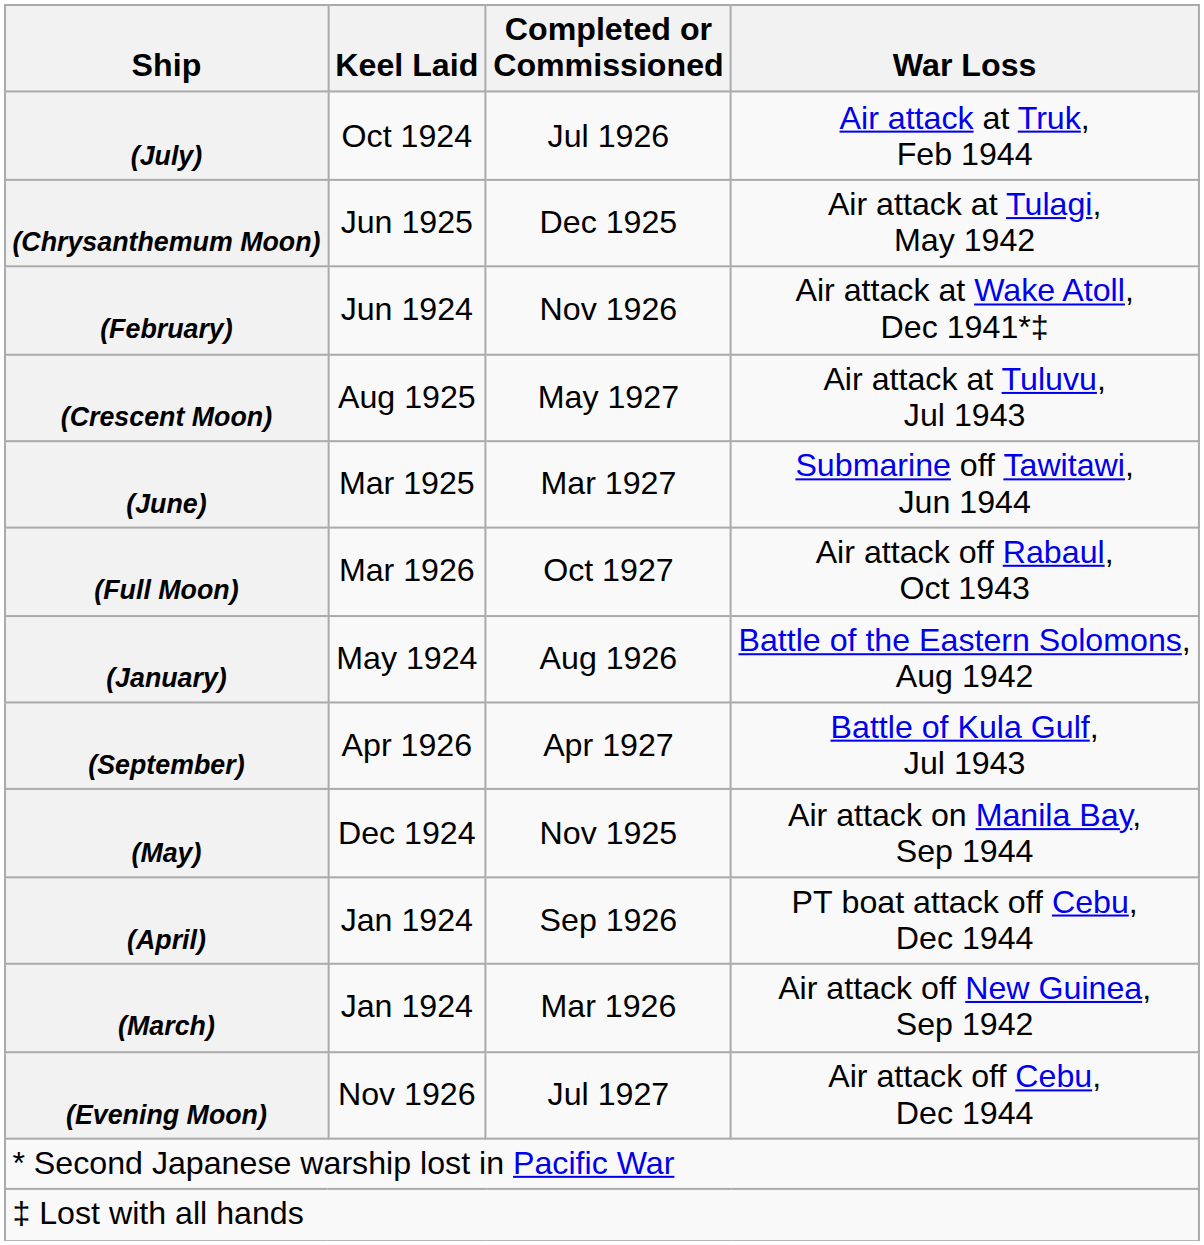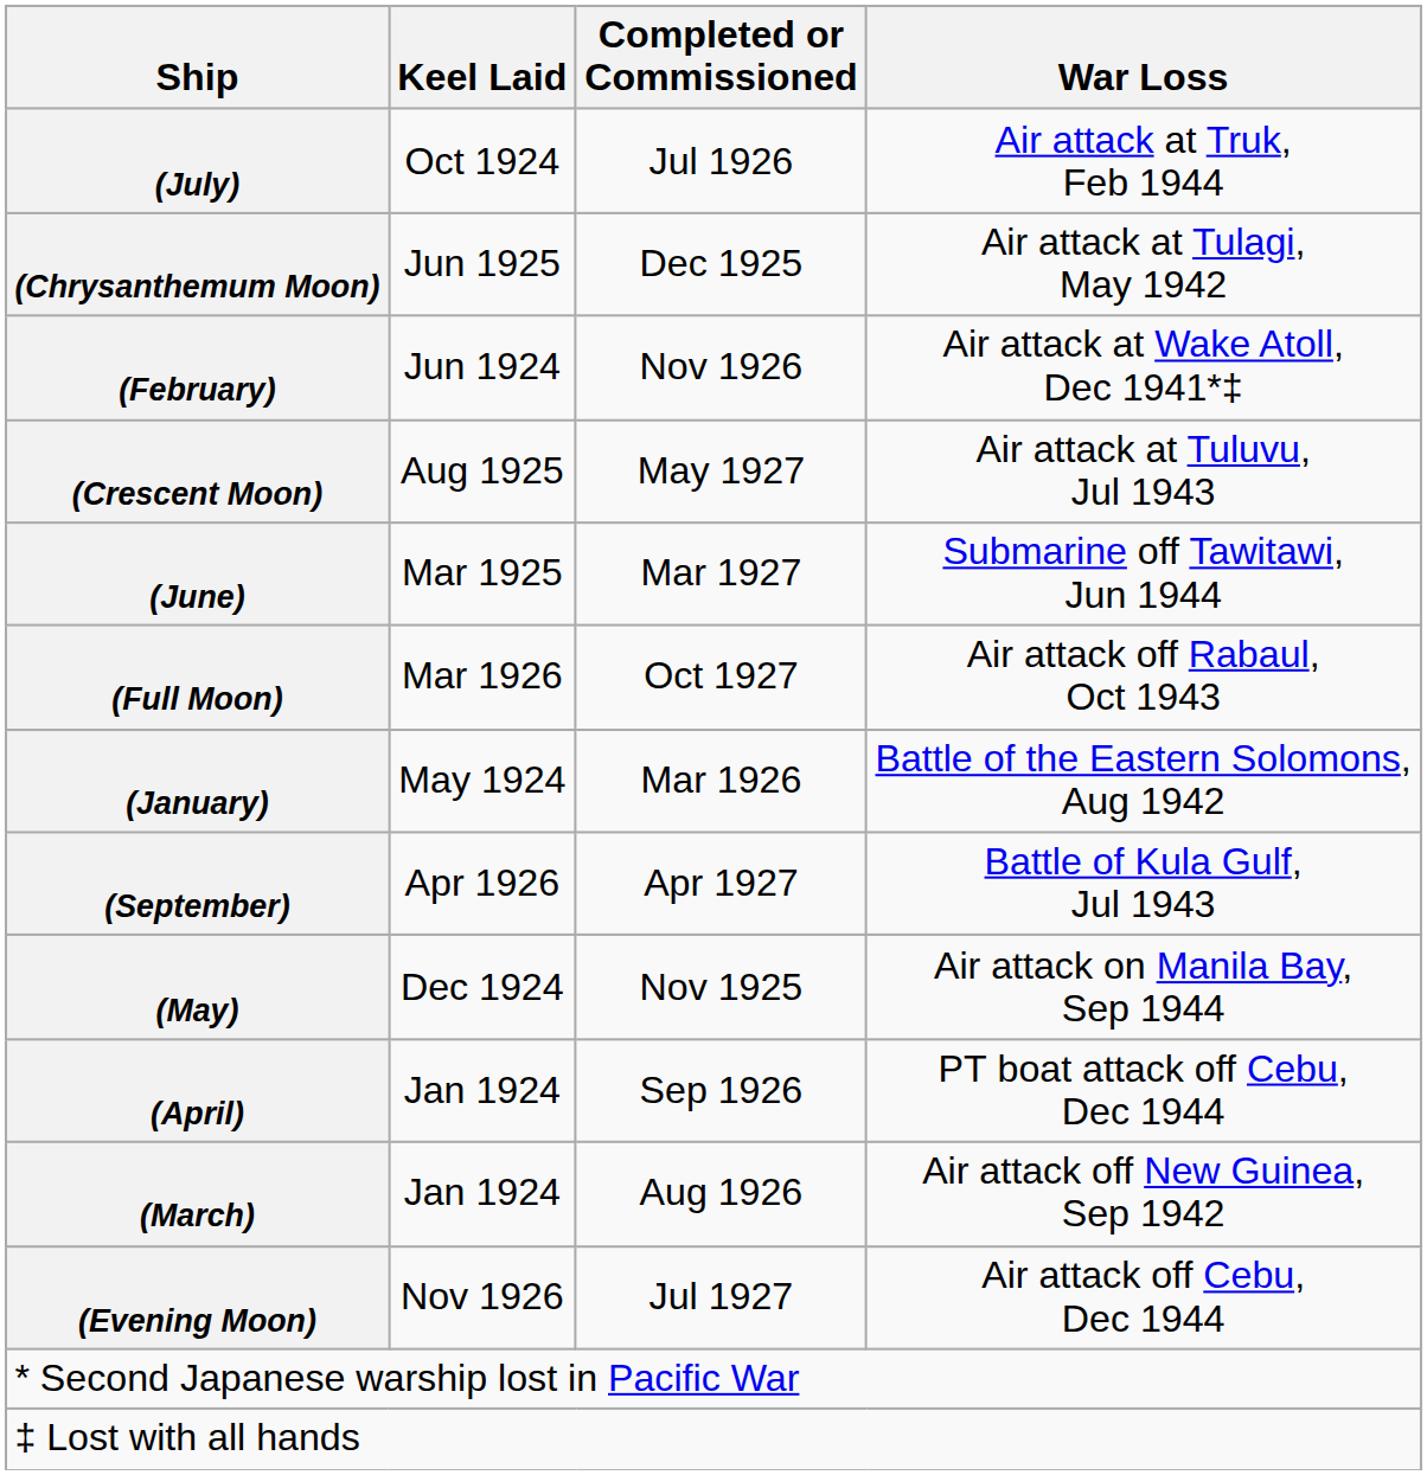 <table class="wikitable plainrowheaders" style="text-align: center">
 <tr valign="bottom">
 <th scope="col">Ship</th>
 <th scope="col">Keel Laid</th>
 <th scope="col">Completed or<br>Commissioned</th>
 <th scope="col">War Loss</th>
 </tr>
 <tr>
 <th><br><small><em>(July)</em></small></th>
 <td>Oct 1924</td>
 <td>Jul 1926</td>
 <td><a href='#'>Air attack</a> at <a href='#'>Truk</a>,<br>Feb 1944</td>
 </tr>
 <tr>
 <th><br><small><em>(Chrysanthemum Moon)</em></small></th>
 <td>Jun 1925</td>
 <td>Dec 1925</td>
 <td>Air attack at <a href='#'>Tulagi</a>,<br>May 1942</td>
 </tr>
 <tr>
 <th><br><small><em>(February)</em></small></th>
 <td>Jun 1924</td>
 <td>Nov 1926</td>
 <td>Air attack at <a href='#'>Wake Atoll</a>,<br>Dec 1941*‡</td>
 </tr>
 <tr>
 <th><br><small><em>(Crescent Moon)</em></small></th>
 <td>Aug 1925</td>
 <td>May 1927</td>
 <td>Air attack at <a href='#'>Tuluvu</a>,<br>Jul 1943</td>
 </tr>
 <tr>
 <th><br><small><em>(June)</em></small></th>
 <td>Mar 1925</td>
 <td>Mar 1927</td>
 <td><a href='#'>Submarine</a> off <a href='#'>Tawitawi</a>,<br>Jun 1944</td>
 </tr>
 <tr>
 <th><br><small><em>(Full Moon)</em></small></th>
 <td>Mar 1926</td>
 <td>Oct 1927</td>
 <td>Air attack off <a href='#'>Rabaul</a>,<br>Oct 1943</td>
 </tr>
 <tr>
 <th><br><small><em>(January)</em></small></th>
 <td>May 1924</td>
-<td>Aug 1926</td>
+<td>Mar 1926</td>
 <td><a href='#'>Battle of the Eastern Solomons</a>,<br>Aug 1942</td>
 </tr>
 <tr>
 <th><br><small><em>(September)</em></small></th>
 <td>Apr 1926</td>
 <td>Apr 1927</td>
 <td><a href='#'>Battle of Kula Gulf</a>,<br>Jul 1943</td>
 </tr>
 <tr>
 <th><br><small><em>(May)</em></small></th>
 <td>Dec 1924</td>
 <td>Nov 1925</td>
 <td>Air attack on <a href='#'>Manila Bay</a>,<br>Sep 1944</td>
 </tr>
 <tr>
 <th><br><small><em>(April)</em></small></th>
 <td>Jan 1924</td>
 <td>Sep 1926</td>
 <td>PT boat attack off <a href='#'>Cebu</a>,<br>Dec 1944</td>
 </tr>
 <tr>
 <th><br><small><em>(March)</em></small></th>
 <td>Jan 1924</td>
-<td>Mar 1926</td>
+<td>Aug 1926</td>
 <td>Air attack off <a href='#'>New Guinea</a>,<br>Sep 1942</td>
 </tr>
 <tr>
 <th><br><small><em>(Evening Moon)</em></small></th>
 <td>Nov 1926</td>
 <td>Jul 1927</td>
 <td>Air attack off <a href='#'>Cebu</a>,<br>Dec 1944</td>
 </tr>
 <tr>
 <td colspan=11 style="text-align: left">* Second Japanese warship lost in <a href='#'>Pacific War</a></td>
 </tr>
 <tr>
 <td colspan=11 style="text-align: left">‡ Lost with all hands</td>
 </tr>
 </table>
